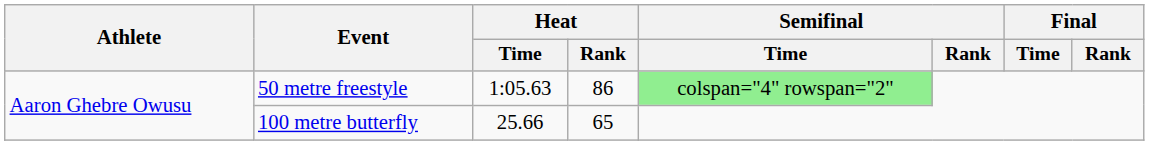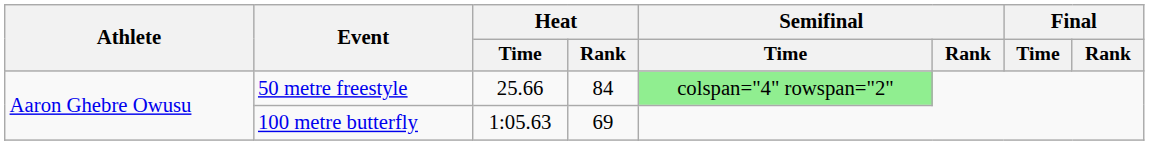 <table class="wikitable" style="text-align:center; font-size:90%; width:50%;">
 <tr>
 <th rowspan="2">Athlete</th>
 <th rowspan="2">Event</th>
 <th colspan="2">Heat</th>
 <th colspan="2">Semifinal</th>
 <th colspan="2">Final</th>
 </tr>
 <tr style="font-size:95%">
 <th>Time</th>
 <th>Rank</th>
 <th>Time</th>
 <th>Rank</th>
 <th>Time</th>
 <th>Rank</th>
 </tr>
 <tr align=center>
 <td align=left rowspan="2"><a href='#'>Aaron Ghebre Owusu</a></td>
 <td align=left><a href='#'>50 metre freestyle</a></td>
-<td>1:05.63</td>
-<td>86</td>
+<td>25.66</td>
+<td>84</td>
 <td style="background: lightgreen;">colspan="4" rowspan="2" </td>
 </tr>
 <tr align=center>
 <td align=left><a href='#'>100 metre butterfly</a></td>
-<td>25.66</td>
-<td>65</td>
+<td>1:05.63</td>
+<td>69</td>
 </tr>
 </table>
